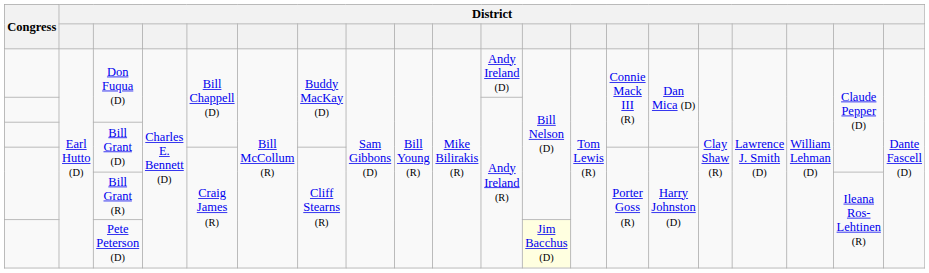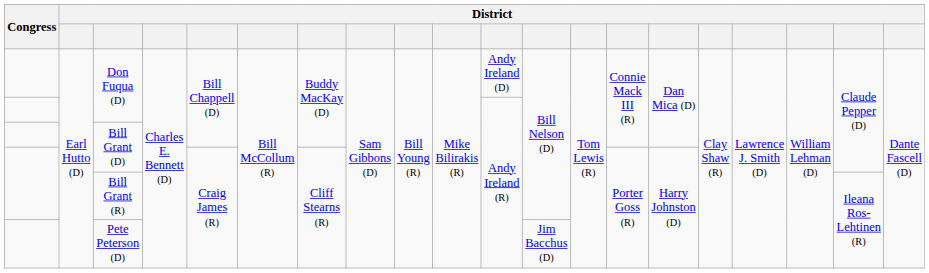 <table class=wikitable style="text-align:center">
 <tr>
 <th rowspan=2>Congress</th>
 <th colspan=19>District</th>
 </tr>
 <tr style="height:2em">
 <th></th>
 <th></th>
 <th></th>
 <th></th>
 <th></th>
 <th></th>
 <th></th>
 <th></th>
 <th></th>
 <th></th>
 <th></th>
 <th></th>
 <th></th>
 <th></th>
 <th></th>
 <th></th>
 <th></th>
 <th></th>
 <th></th>
 </tr>
 <tr style="height:2em">
 <td><strong></strong><br></td>
 <td rowspan=6 ><a href='#'>Earl<br>Hutto</a> <small>(D)</small></td>
 <td rowspan=2 ><a href='#'>Don<br>Fuqua</a> <small>(D)</small></td>
 <td rowspan=6 ><a href='#'>Charles E.<br>Bennett</a><br><small>(D)</small></td>
 <td rowspan=3 ><a href='#'>Bill<br>Chappell</a><br><small>(D)</small></td>
 <td rowspan=6 ><a href='#'>Bill<br>McCollum</a><br><small>(R)</small></td>
 <td rowspan=3 ><a href='#'>Buddy<br>MacKay</a><br><small>(D)</small></td>
 <td rowspan=6 ><a href='#'>Sam<br>Gibbons</a><br><small>(D)</small></td>
 <td rowspan=6 ><a href='#'>Bill<br>Young</a><br><small>(R)</small></td>
 <td rowspan=6 ><a href='#'>Mike<br>Bilirakis</a><br><small>(R)</small></td>
 <td><a href='#'>Andy<br>Ireland</a> <small>(D)</small></td>
 <td rowspan=5 ><a href='#'>Bill<br>Nelson</a> <small>(D)</small></td>
 <td rowspan=6 ><a href='#'>Tom<br>Lewis</a><br><small>(R)</small></td>
 <td rowspan=3 ><a href='#'>Connie<br>Mack III</a><br><small>(R)</small></td>
 <td rowspan=3 ><a href='#'>Dan<br>Mica</a> <small>(D)</small></td>
 <td rowspan=6 ><a href='#'>Clay<br>Shaw</a> <small>(R)</small></td>
 <td rowspan=6 ><a href='#'>Lawrence<br>J. Smith</a><br><small>(D)</small></td>
 <td rowspan=6 ><a href='#'>William<br>Lehman</a><br><small>(D)</small></td>
 <td rowspan=4 ><a href='#'>Claude<br>Pepper</a> <small>(D)</small></td>
 <td rowspan=6 ><a href='#'>Dante<br>Fascell</a><br><small>(D)</small></td>
 </tr>
 <tr style="height:2em">
 <td><strong></strong><br></td>
 <td rowspan=5 ><a href='#'>Andy<br>Ireland</a> <small>(R)</small></td>
 </tr>
 <tr style="height:2em">
 <td><strong></strong><br></td>
 <td rowspan=2 ><a href='#'>Bill Grant</a> <small>(D)</small></td>
 </tr>
 <tr style="height:2em">
 <td rowspan=2><strong></strong><br></td>
 <td rowspan=3 ><a href='#'>Craig<br>James</a><br><small>(R)</small></td>
 <td rowspan=3 ><a href='#'>Cliff<br>Stearns</a> <small>(R)</small></td>
 <td rowspan=3 ><a href='#'>Porter<br>Goss</a> <small>(R)</small></td>
 <td rowspan=3 ><a href='#'>Harry<br>Johnston</a><br><small>(D)</small></td>
 </tr>
 <tr style="height:2em">
 <td><a href='#'>Bill Grant</a> <small>(R)</small></td>
 <td rowspan=2 ><a href='#'>Ileana<br>Ros-Lehtinen</a><br><small>(R)</small></td>
 </tr>
 <tr style="height:2em">
 <td><strong></strong><br></td>
 <td><a href='#'>Pete<br>Peterson</a> <small>(D)</small></td>
-<td style="background: lightyellow;"><a href='#'>Jim<br>Bacchus</a> <small>(D)</small></td>
+<td><a href='#'>Jim<br>Bacchus</a> <small>(D)</small></td>
 </tr>
 </table>
